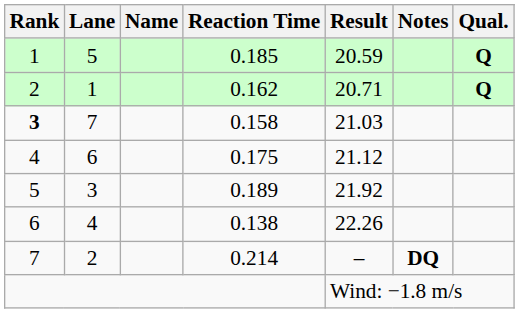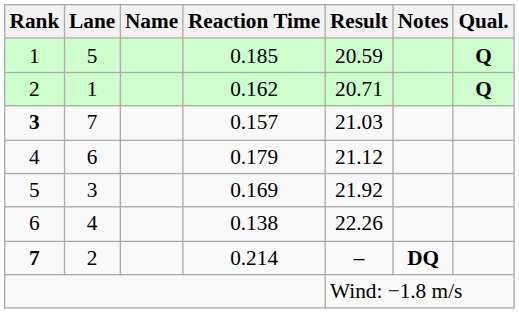 <table class="wikitable" style="text-align:center">
 <tr>
 <th>Rank</th>
 <th>Lane</th>
 <th>Name</th>
 <th>Reaction Time</th>
 <th>Result</th>
 <th>Notes</th>
 <th>Qual.</th>
 </tr>
 <tr bgcolor=ccffcc>
 <td>1</td>
 <td>5</td>
 <td align="left"></td>
 <td>0.185</td>
 <td>20.59</td>
 <td></td>
 <td><strong>Q</strong></td>
 </tr>
 <tr bgcolor=ccffcc>
 <td>2</td>
 <td>1</td>
 <td align="left"></td>
 <td>0.162</td>
 <td>20.71</td>
 <td></td>
 <td><strong>Q</strong></td>
 </tr>
 <tr>
 <td><strong>3</strong></td>
 <td>7</td>
 <td align="left"></td>
-<td>0.158</td>
+<td>0.157</td>
 <td>21.03</td>
 <td></td>
 <td></td>
 </tr>
 <tr>
 <td>4</td>
 <td>6</td>
 <td align="left"></td>
-<td>0.175</td>
+<td>0.179</td>
 <td>21.12</td>
 <td></td>
 <td></td>
 </tr>
 <tr>
 <td>5</td>
 <td>3</td>
 <td align="left"></td>
-<td>0.189</td>
+<td>0.169</td>
 <td>21.92</td>
 <td></td>
 <td></td>
 </tr>
 <tr>
 <td>6</td>
 <td>4</td>
 <td align="left"></td>
 <td>0.138</td>
 <td>22.26</td>
 <td></td>
 <td></td>
 </tr>
 <tr>
-<td>7</td>
+<td><strong>7</strong></td>
 <td>2</td>
 <td align="left"></td>
 <td>0.214</td>
 <td>–</td>
 <td><strong>DQ</strong></td>
 <td></td>
 </tr>
 <tr class="sortbottom">
 <td colspan=4></td>
 <td colspan="3" style="text-align:left;">Wind: −1.8 m/s</td>
 </tr>
 </table>
